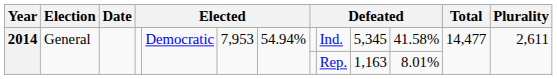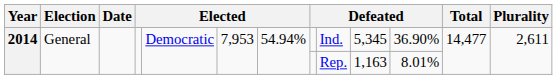 <table class=wikitable>
 <tr>
 <th>Year</th>
 <th>Election</th>
 <th>Date</th>
 <th ! colspan="4">Elected</th>
 <th ! colspan="4">Defeated</th>
 <th>Total</th>
 <th>Plurality</th>
 </tr>
 <tr>
 <th rowspan=2 valign="top">2014</th>
 <td rowspan=2 valign="top">General</td>
 <td rowspan=2 valign="top"></td>
 <td rowspan=2 valign="top"></td>
 <td rowspan=2 valign="top" ><a href='#'>Democratic</a></td>
 <td rowspan=2 valign="top" align="right">7,953</td>
 <td rowspan=2 valign="top" align="right">54.94%</td>
 <td valign="top"></td>
 <td valign="top" ><a href='#'>Ind.</a></td>
 <td valign="top" align="right">5,345</td>
-<td valign="top" align="right">41.58%</td>
+<td valign="top" align="right">36.90%</td>
 <td rowspan=2 valign="top" align="right">14,477</td>
 <td rowspan=2 valign="top" align="right">2,611</td>
 </tr>
 <tr>
 <td valign="top"></td>
 <td valign="top" ><a href='#'>Rep.</a></td>
 <td valign="top" align="right">1,163</td>
 <td valign="top" align="right">8.01%</td>
 </tr>
 </table>
